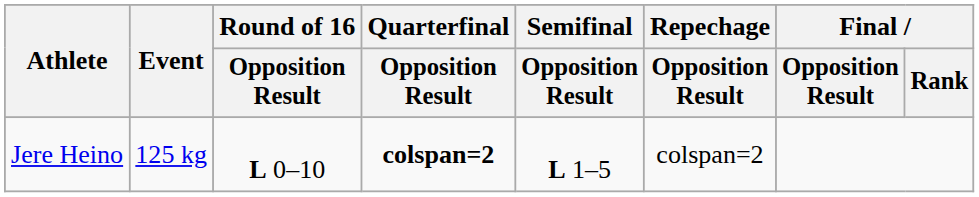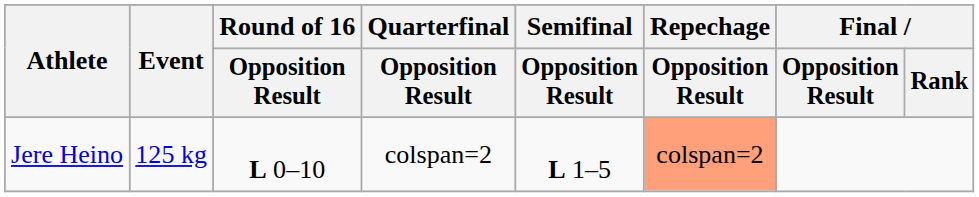 <table class="wikitable" style="font-size:90%">
 <tr>
 <th rowspan=2>Athlete</th>
 <th rowspan=2>Event</th>
 <th>Round of 16</th>
 <th>Quarterfinal</th>
 <th>Semifinal</th>
 <th>Repechage</th>
 <th colspan=2>Final / </th>
 </tr>
 <tr style="font-size: 95%">
 <th>Opposition<br>Result</th>
 <th>Opposition<br>Result</th>
 <th>Opposition<br>Result</th>
 <th>Opposition<br>Result</th>
 <th>Opposition<br>Result</th>
 <th>Rank</th>
 </tr>
 <tr align=center>
 <td align=left><a href='#'>Jere Heino</a></td>
 <td align=left><a href='#'>125 kg</a></td>
 <td><br> <strong>L</strong> 0–10</td>
-<td><strong>colspan=2 </strong></td>
+<td>colspan=2 </td>
 <td><br> <strong>L</strong> 1–5</td>
-<td>colspan=2 </td>
+<td style="background: lightsalmon;">colspan=2 </td>
 </tr>
 </table>
